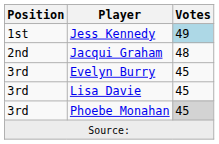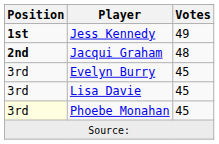 <table class="wikitable">
 <tr>
 <th>Position</th>
 <th>Player</th>
 <th>Votes</th>
 </tr>
 <tr>
-<td>1st</td>
+<td><strong>1st</strong></td>
 <td><a href='#'>Jess Kennedy</a></td>
-<td style="background: lightblue;">49</td>
+<td>49</td>
 </tr>
 <tr>
-<td>2nd</td>
+<td><strong>2nd</strong></td>
 <td><a href='#'>Jacqui Graham</a></td>
 <td>48</td>
 </tr>
 <tr>
 <td>3rd</td>
 <td><a href='#'>Evelyn Burry</a></td>
 <td>45</td>
 </tr>
 <tr>
 <td>3rd</td>
 <td><a href='#'>Lisa Davie</a></td>
 <td>45</td>
 </tr>
 <tr>
-<td>3rd</td>
+<td style="background: lightyellow;">3rd</td>
 <td><a href='#'>Phoebe Monahan</a></td>
-<td style="background: lightgrey;">45</td>
+<td>45</td>
 </tr>
 <tr>
 <td colspan="4" style="text-align: center; background: #ececec;"><small>Source:</small></td>
 </tr>
 </table>
